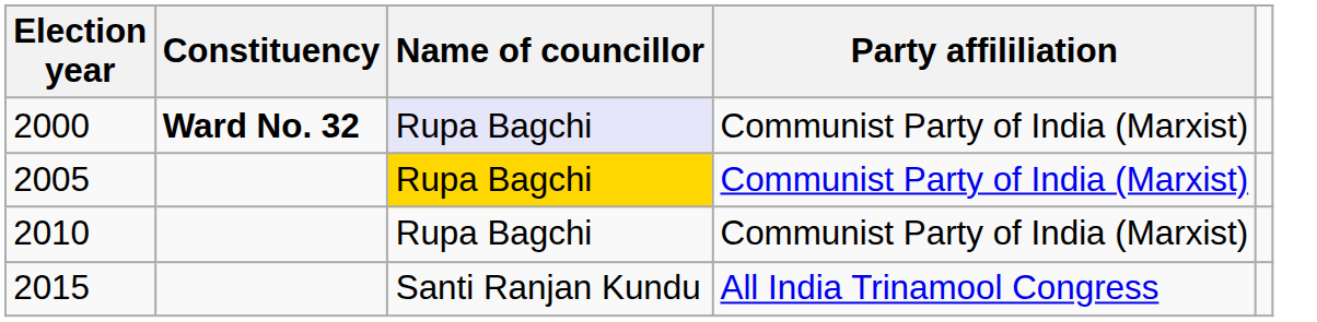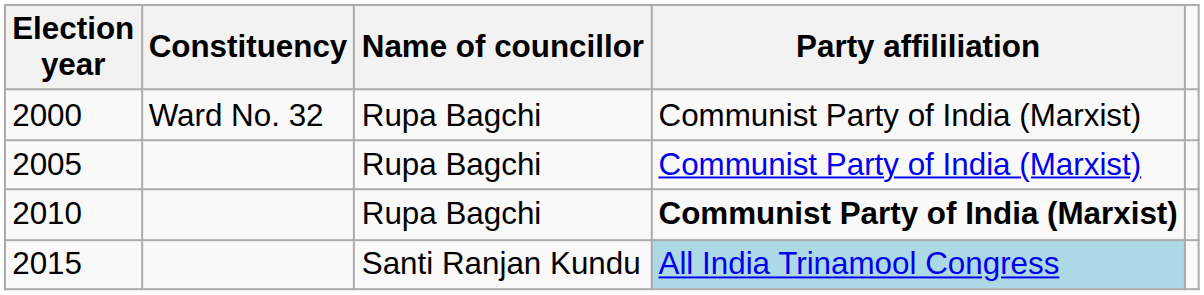 <table class="wikitable"ìÍĦĤĠčw>
 <tr>
 <th>Election<br> year</th>
 <th>Constituency</th>
 <th>Name of councillor</th>
 <th>Party affililiation</th>
 </tr>
 <tr>
 <td>2000</td>
-<td><strong>Ward No. 32</strong></td>
-<td style="background: lavender;">Rupa Bagchi</td>
+<td>Ward No. 32</td>
+<td>Rupa Bagchi</td>
 <td>Communist Party of India (Marxist)</td>
 <td></td>
 </tr>
 <tr>
 <td>2005</td>
 <td></td>
-<td style="background: gold;">Rupa Bagchi</td>
+<td>Rupa Bagchi</td>
 <td><a href='#'>Communist Party of India (Marxist)</a></td>
 <td></td>
 </tr>
 <tr>
 <td>2010</td>
 <td></td>
 <td>Rupa Bagchi</td>
-<td>Communist Party of India (Marxist)</td>
+<td><strong>Communist Party of India (Marxist)</strong></td>
 <td></td>
 </tr>
 <tr>
 <td>2015</td>
 <td></td>
 <td>Santi Ranjan Kundu</td>
-<td><a href='#'>All India Trinamool Congress</a></td>
+<td style="background: lightblue;"><a href='#'>All India Trinamool Congress</a></td>
 <td></td>
 </tr>
 </table>
